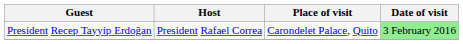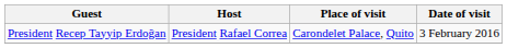 <table class="wikitable" border="1">
 <tr>
 <th>Guest</th>
 <th>Host</th>
 <th>Place of visit</th>
 <th>Date of visit</th>
 </tr>
 <tr>
 <td> <a href='#'>President</a> <a href='#'>Recep Tayyip Erdoğan</a></td>
 <td> <a href='#'>President</a> <a href='#'>Rafael Correa</a></td>
 <td><a href='#'>Carondelet Palace</a>, <a href='#'>Quito</a></td>
-<td style="background: lightgreen;">3 February 2016</td>
+<td>3 February 2016</td>
 </tr>
 <tr>
 </tr>
 </table>
